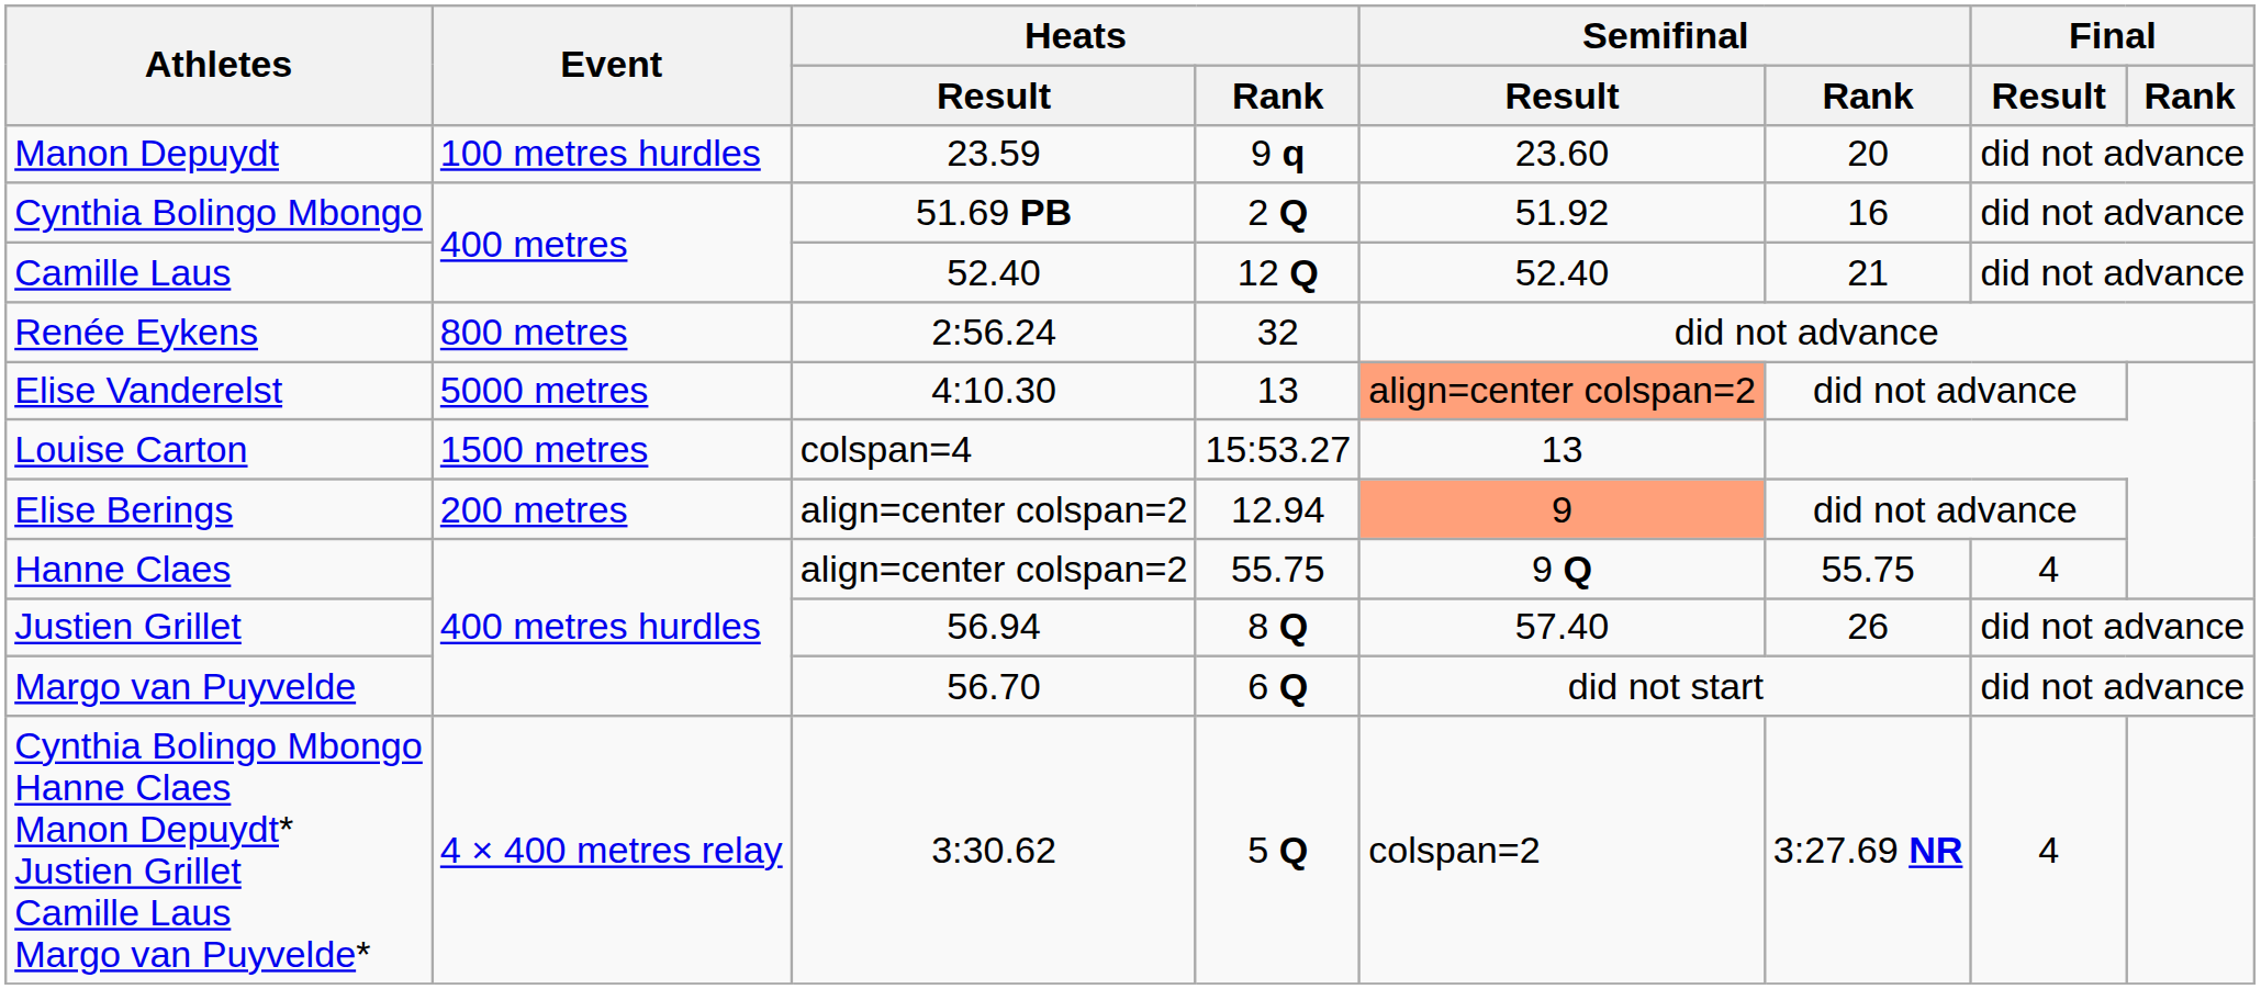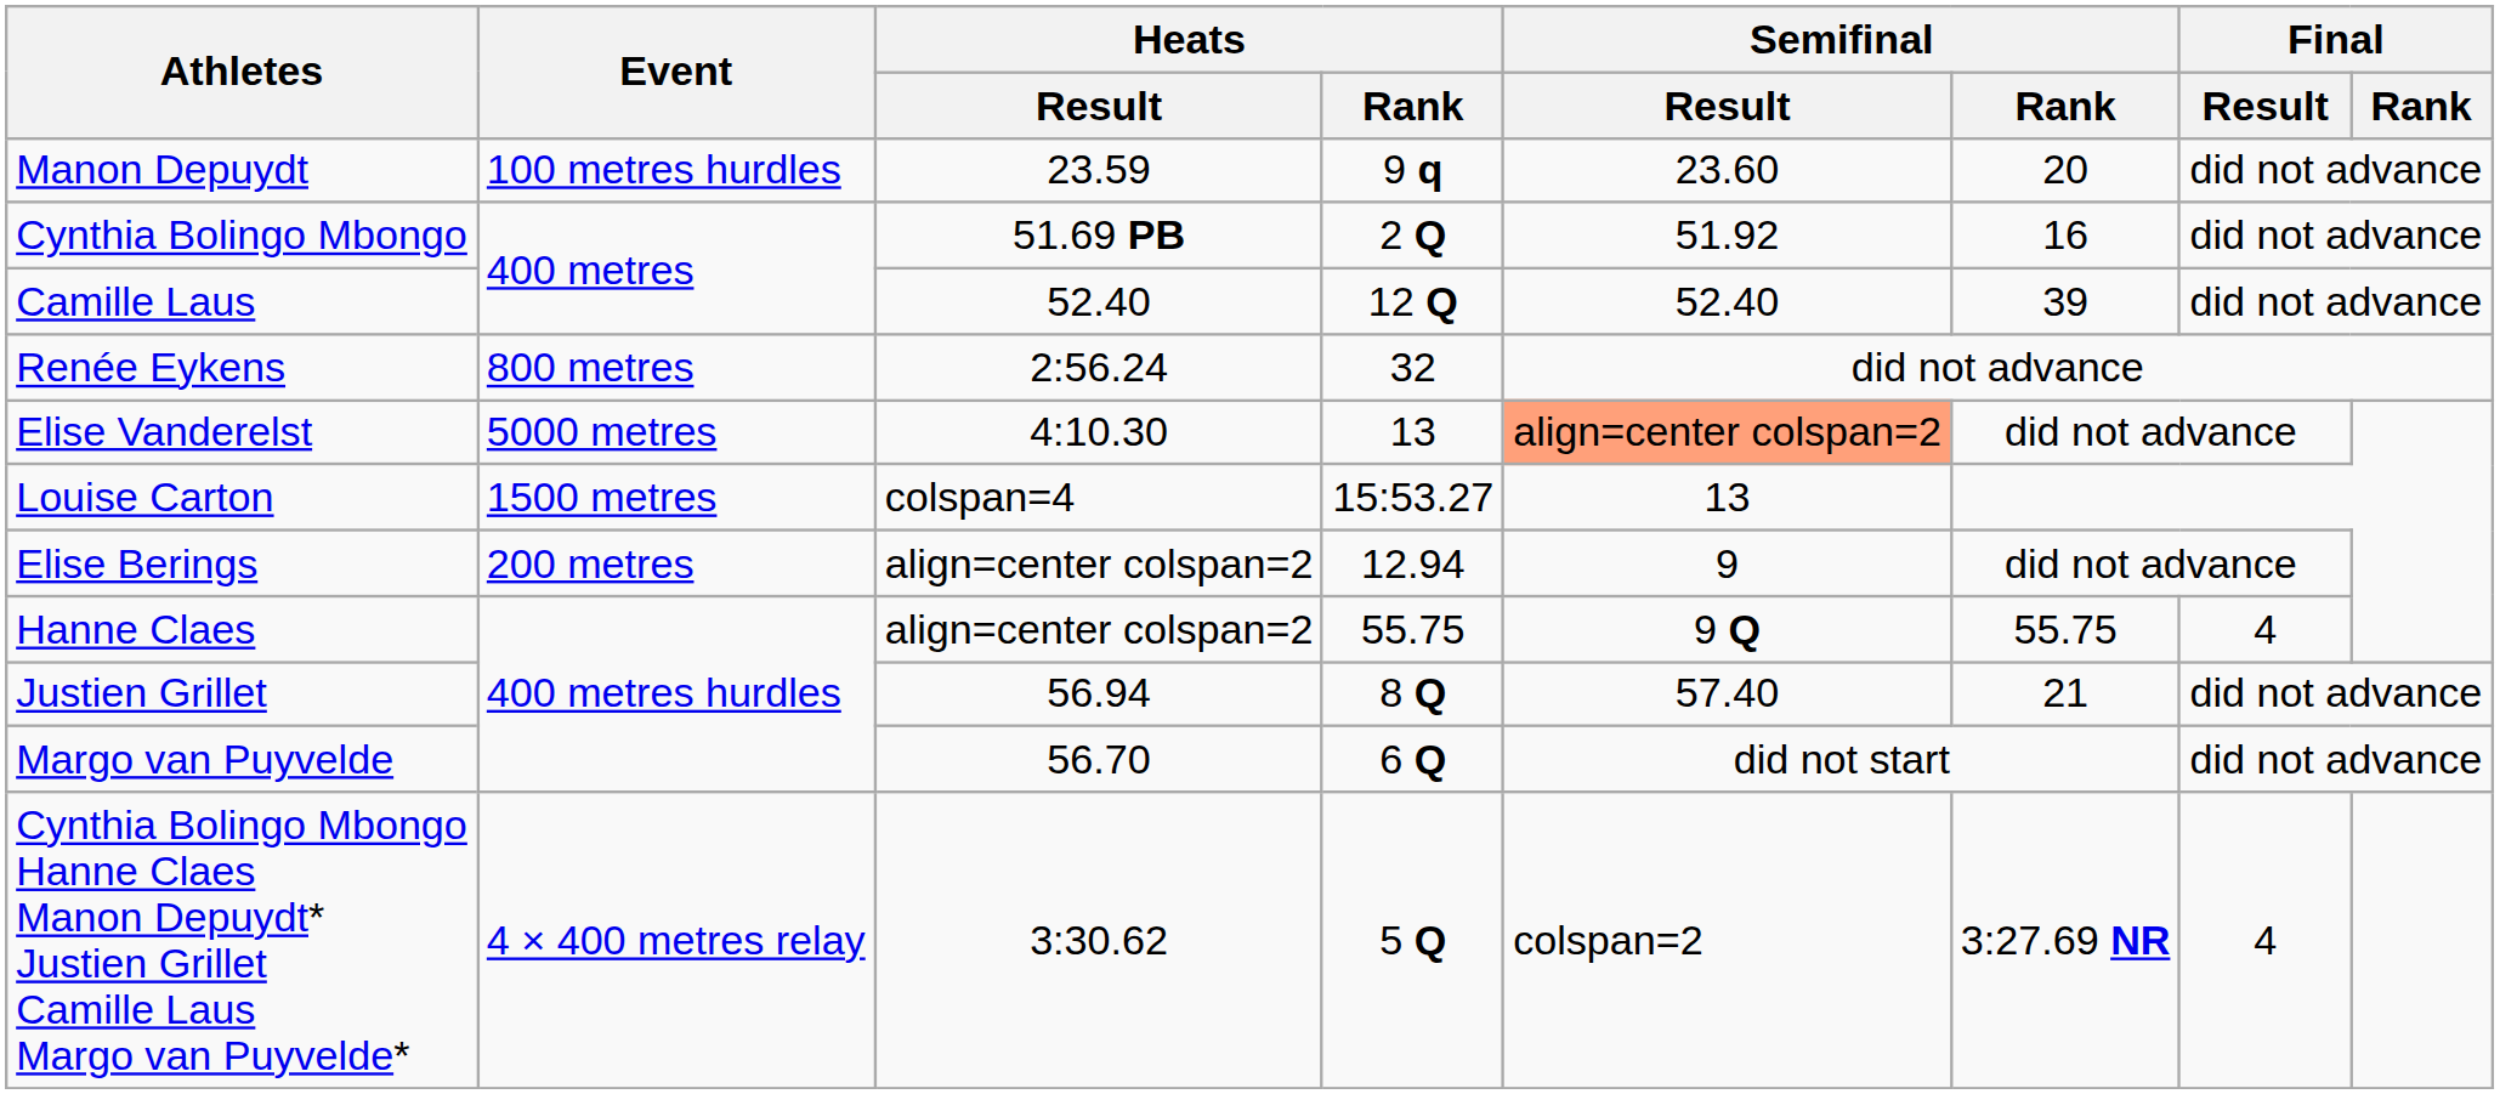 <table class="wikitable" border="1" style="font-size:90%">
 <tr>
 <th rowspan="2">Athletes</th>
 <th rowspan="2">Event</th>
 <th colspan="2">Heats</th>
 <th colspan="2">Semifinal</th>
 <th colspan="2">Final</th>
 </tr>
 <tr>
 <th>Result</th>
 <th>Rank</th>
 <th>Result</th>
 <th>Rank</th>
 <th>Result</th>
 <th>Rank</th>
 </tr>
 <tr>
 <td><a href='#'>Manon Depuydt</a></td>
 <td><a href='#'>100 metres hurdles</a></td>
 <td align=center>23.59</td>
 <td align=center>9 <strong>q</strong></td>
 <td align=center>23.60</td>
 <td align=center>20</td>
 <td align=center colspan=2>did not advance</td>
 </tr>
 <tr>
 <td><a href='#'>Cynthia Bolingo Mbongo</a></td>
 <td rowspan=2><a href='#'>400 metres</a></td>
 <td align=center>51.69 <strong>PB</strong></td>
 <td align=center>2 <strong>Q</strong></td>
 <td align=center>51.92</td>
 <td align=center>16</td>
 <td align=center colspan=2>did not advance</td>
 </tr>
 <tr>
 <td><a href='#'>Camille Laus</a></td>
 <td align=center>52.40</td>
 <td align=center>12 <strong>Q</strong></td>
 <td align=center>52.40</td>
-<td align=center>21</td>
+<td align=center>39</td>
 <td align=center colspan=2>did not advance</td>
 </tr>
 <tr>
 <td><a href='#'>Renée Eykens</a></td>
 <td><a href='#'>800 metres</a></td>
 <td align=center>2:56.24</td>
 <td align=center>32</td>
 <td align=center colspan=4>did not advance</td>
 </tr>
 <tr>
 <td><a href='#'>Elise Vanderelst</a></td>
 <td><a href='#'>5000 metres</a></td>
 <td align=center>4:10.30</td>
 <td align=center>13</td>
 <td style="background: lightsalmon;">align=center colspan=2</td>
 <td align=center colspan=2>did not advance</td>
 </tr>
 <tr>
 <td><a href='#'>Louise Carton</a></td>
 <td><a href='#'>1500 metres</a></td>
 <td>colspan=4</td>
 <td align=center>15:53.27</td>
 <td align=center>13</td>
 </tr>
 <tr>
 <td><a href='#'>Elise Berings</a></td>
 <td><a href='#'>200 metres</a></td>
 <td>align=center colspan=2</td>
 <td align=center>12.94</td>
-<td align=center style="background: lightsalmon;">9</td>
+<td align=center>9</td>
 <td align=center colspan=2>did not advance</td>
 </tr>
 <tr>
 <td><a href='#'>Hanne Claes</a></td>
 <td rowspan=3><a href='#'>400 metres hurdles</a></td>
 <td>align=center colspan=2</td>
 <td align=center>55.75</td>
 <td align=center>9 <strong>Q</strong></td>
 <td align=center>55.75</td>
 <td align=center>4</td>
 </tr>
 <tr>
 <td><a href='#'>Justien Grillet</a></td>
 <td align=center>56.94</td>
 <td align=center>8 <strong>Q</strong></td>
 <td align=center>57.40</td>
-<td align=center>26</td>
+<td align=center>21</td>
 <td align=center colspan=2>did not advance</td>
 </tr>
 <tr>
 <td><a href='#'>Margo van Puyvelde</a></td>
 <td align=center>56.70</td>
 <td align=center>6 <strong>Q</strong></td>
 <td align=center colspan=2>did not start</td>
 <td align=center colspan=2>did not advance</td>
 </tr>
 <tr>
 <td><a href='#'>Cynthia Bolingo Mbongo</a><br><a href='#'>Hanne Claes</a><br><a href='#'>Manon Depuydt</a>*<br><a href='#'>Justien Grillet</a><br><a href='#'>Camille Laus</a><br><a href='#'>Margo van Puyvelde</a>*</td>
 <td><a href='#'>4 × 400 metres relay</a></td>
 <td align=center>3:30.62</td>
 <td align=center>5 <strong>Q</strong></td>
 <td>colspan=2</td>
 <td align=center>3:27.69 <strong><a href='#'>NR</a></strong></td>
 <td align=center>4</td>
 </tr>
 </table>
